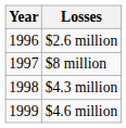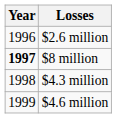 <table class="wikitable" style="float:right">
 <tr>
 <th>Year</th>
 <th>Losses</th>
 </tr>
 <tr>
 <td>1996</td>
 <td>$2.6 million</td>
 </tr>
 <tr>
-<td>1997</td>
+<td><strong>1997</strong></td>
 <td>$8 million</td>
 </tr>
 <tr>
 <td>1998</td>
 <td>$4.3 million</td>
 </tr>
 <tr>
 <td>1999</td>
 <td>$4.6 million</td>
 </tr>
 </table>
